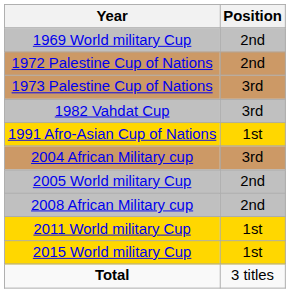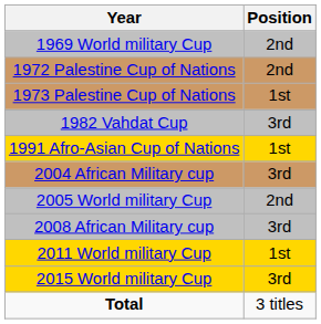 <table class="wikitable" style="text-align: center;">
 <tr>
 <th>Year</th>
 <th>Position</th>
 </tr>
 <tr style="background:silver;">
 <td> <a href='#'>1969 World military Cup</a></td>
 <td>2nd</td>
 </tr>
 <tr style="background:#c96;">
 <td> <a href='#'>1972 Palestine Cup of Nations</a></td>
 <td>2nd</td>
 </tr>
 <tr style="background:#c96;">
 <td> <a href='#'>1973 Palestine Cup of Nations</a></td>
-<td>3rd</td>
+<td>1st</td>
 </tr>
 <tr style="background:silver;">
 <td> <a href='#'>1982 Vahdat Cup</a></td>
 <td>3rd</td>
 </tr>
 <tr style="background:gold;">
 <td>  <a href='#'>1991 Afro-Asian Cup of Nations</a></td>
 <td>1st</td>
 </tr>
 <tr style="background:#c96;">
 <td> <a href='#'>2004 African Military cup</a></td>
 <td>3rd</td>
 </tr>
 <tr style="background:silver;">
 <td> <a href='#'>2005 World military Cup</a></td>
 <td>2nd</td>
 </tr>
 <tr style="background:silver;">
 <td> <a href='#'>2008 African Military cup</a></td>
-<td>2nd</td>
+<td>3rd</td>
 </tr>
 <tr style="background:gold;">
 <td> <a href='#'>2011 World military Cup</a></td>
 <td>1st</td>
 </tr>
 <tr style="background:gold;">
 <td> <a href='#'>2015 World military Cup</a></td>
-<td>1st</td>
+<td>3rd</td>
 </tr>
 <tr>
 <td><strong>Total</strong></td>
 <td>3 titles</td>
 </tr>
 </table>
